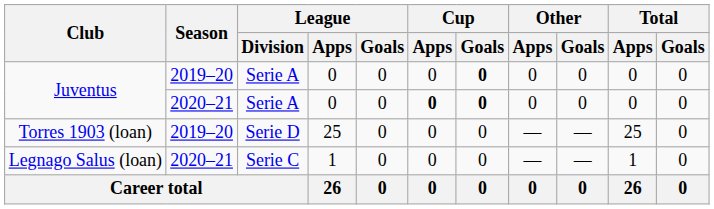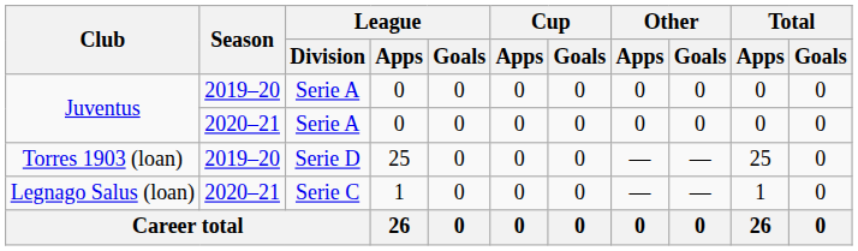 <table class=wikitable style=text-align:center>
 <tr>
 <th rowspan=2>Club</th>
 <th rowspan=2>Season</th>
 <th colspan=3>League</th>
 <th colspan=2>Cup</th>
 <th colspan=2>Other</th>
 <th colspan=2>Total</th>
 </tr>
 <tr>
 <th>Division</th>
 <th>Apps</th>
 <th>Goals</th>
 <th>Apps</th>
 <th>Goals</th>
 <th>Apps</th>
 <th>Goals</th>
 <th>Apps</th>
 <th>Goals</th>
 </tr>
 <tr>
 <td rowspan=2><a href='#'>Juventus</a></td>
 <td><a href='#'>2019–20</a></td>
 <td><a href='#'>Serie A</a></td>
 <td>0</td>
 <td>0</td>
 <td>0</td>
-<td><strong>0</strong></td>
+<td>0</td>
 <td>0</td>
 <td>0</td>
 <td>0</td>
 <td>0</td>
 </tr>
 <tr>
 <td><a href='#'>2020–21</a></td>
 <td><a href='#'>Serie A</a></td>
 <td>0</td>
 <td>0</td>
-<td><strong>0</strong></td>
-<td><strong>0</strong></td>
+<td>0</td>
+<td>0</td>
 <td>0</td>
 <td>0</td>
 <td>0</td>
 <td>0</td>
 </tr>
 <tr>
 <td rowspan=1><a href='#'>Torres 1903</a> (loan)</td>
 <td><a href='#'>2019–20</a></td>
 <td><a href='#'>Serie D</a></td>
 <td>25</td>
 <td>0</td>
 <td>0</td>
 <td>0</td>
 <td>—</td>
 <td>—</td>
 <td>25</td>
 <td>0</td>
 </tr>
 <tr>
 <td rowspan=1><a href='#'>Legnago Salus</a> (loan)</td>
 <td><a href='#'>2020–21</a></td>
 <td><a href='#'>Serie C</a></td>
 <td>1</td>
 <td>0</td>
 <td>0</td>
 <td>0</td>
 <td>—</td>
 <td>—</td>
 <td>1</td>
 <td>0</td>
 </tr>
 <tr>
 <th colspan=3>Career total</th>
 <th>26</th>
 <th>0</th>
 <th>0</th>
 <th>0</th>
 <th>0</th>
 <th>0</th>
 <th>26</th>
 <th>0</th>
 </tr>
 </table>
